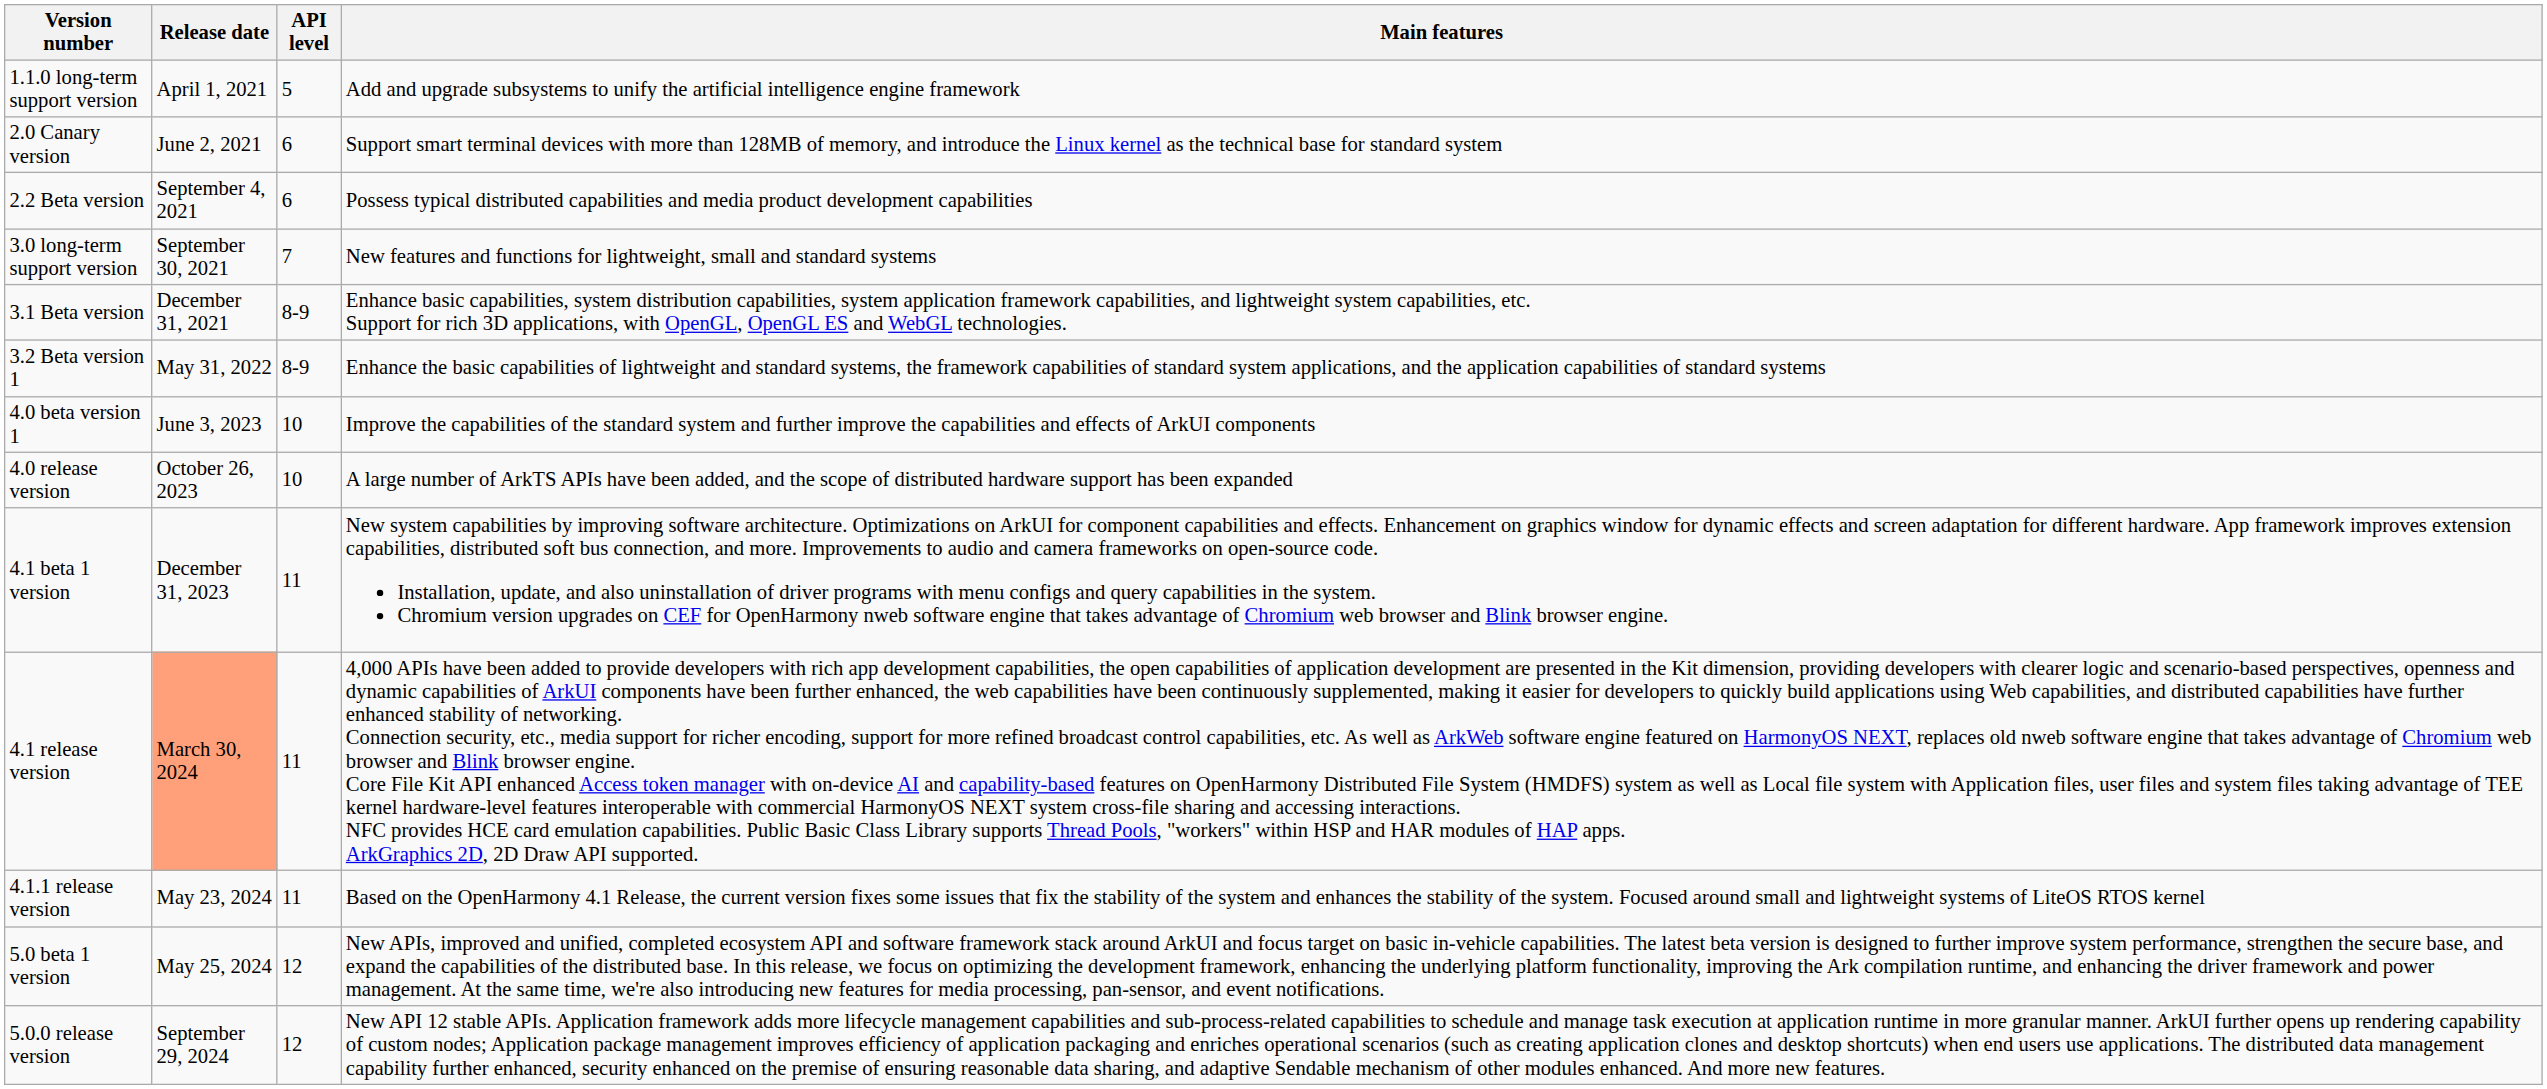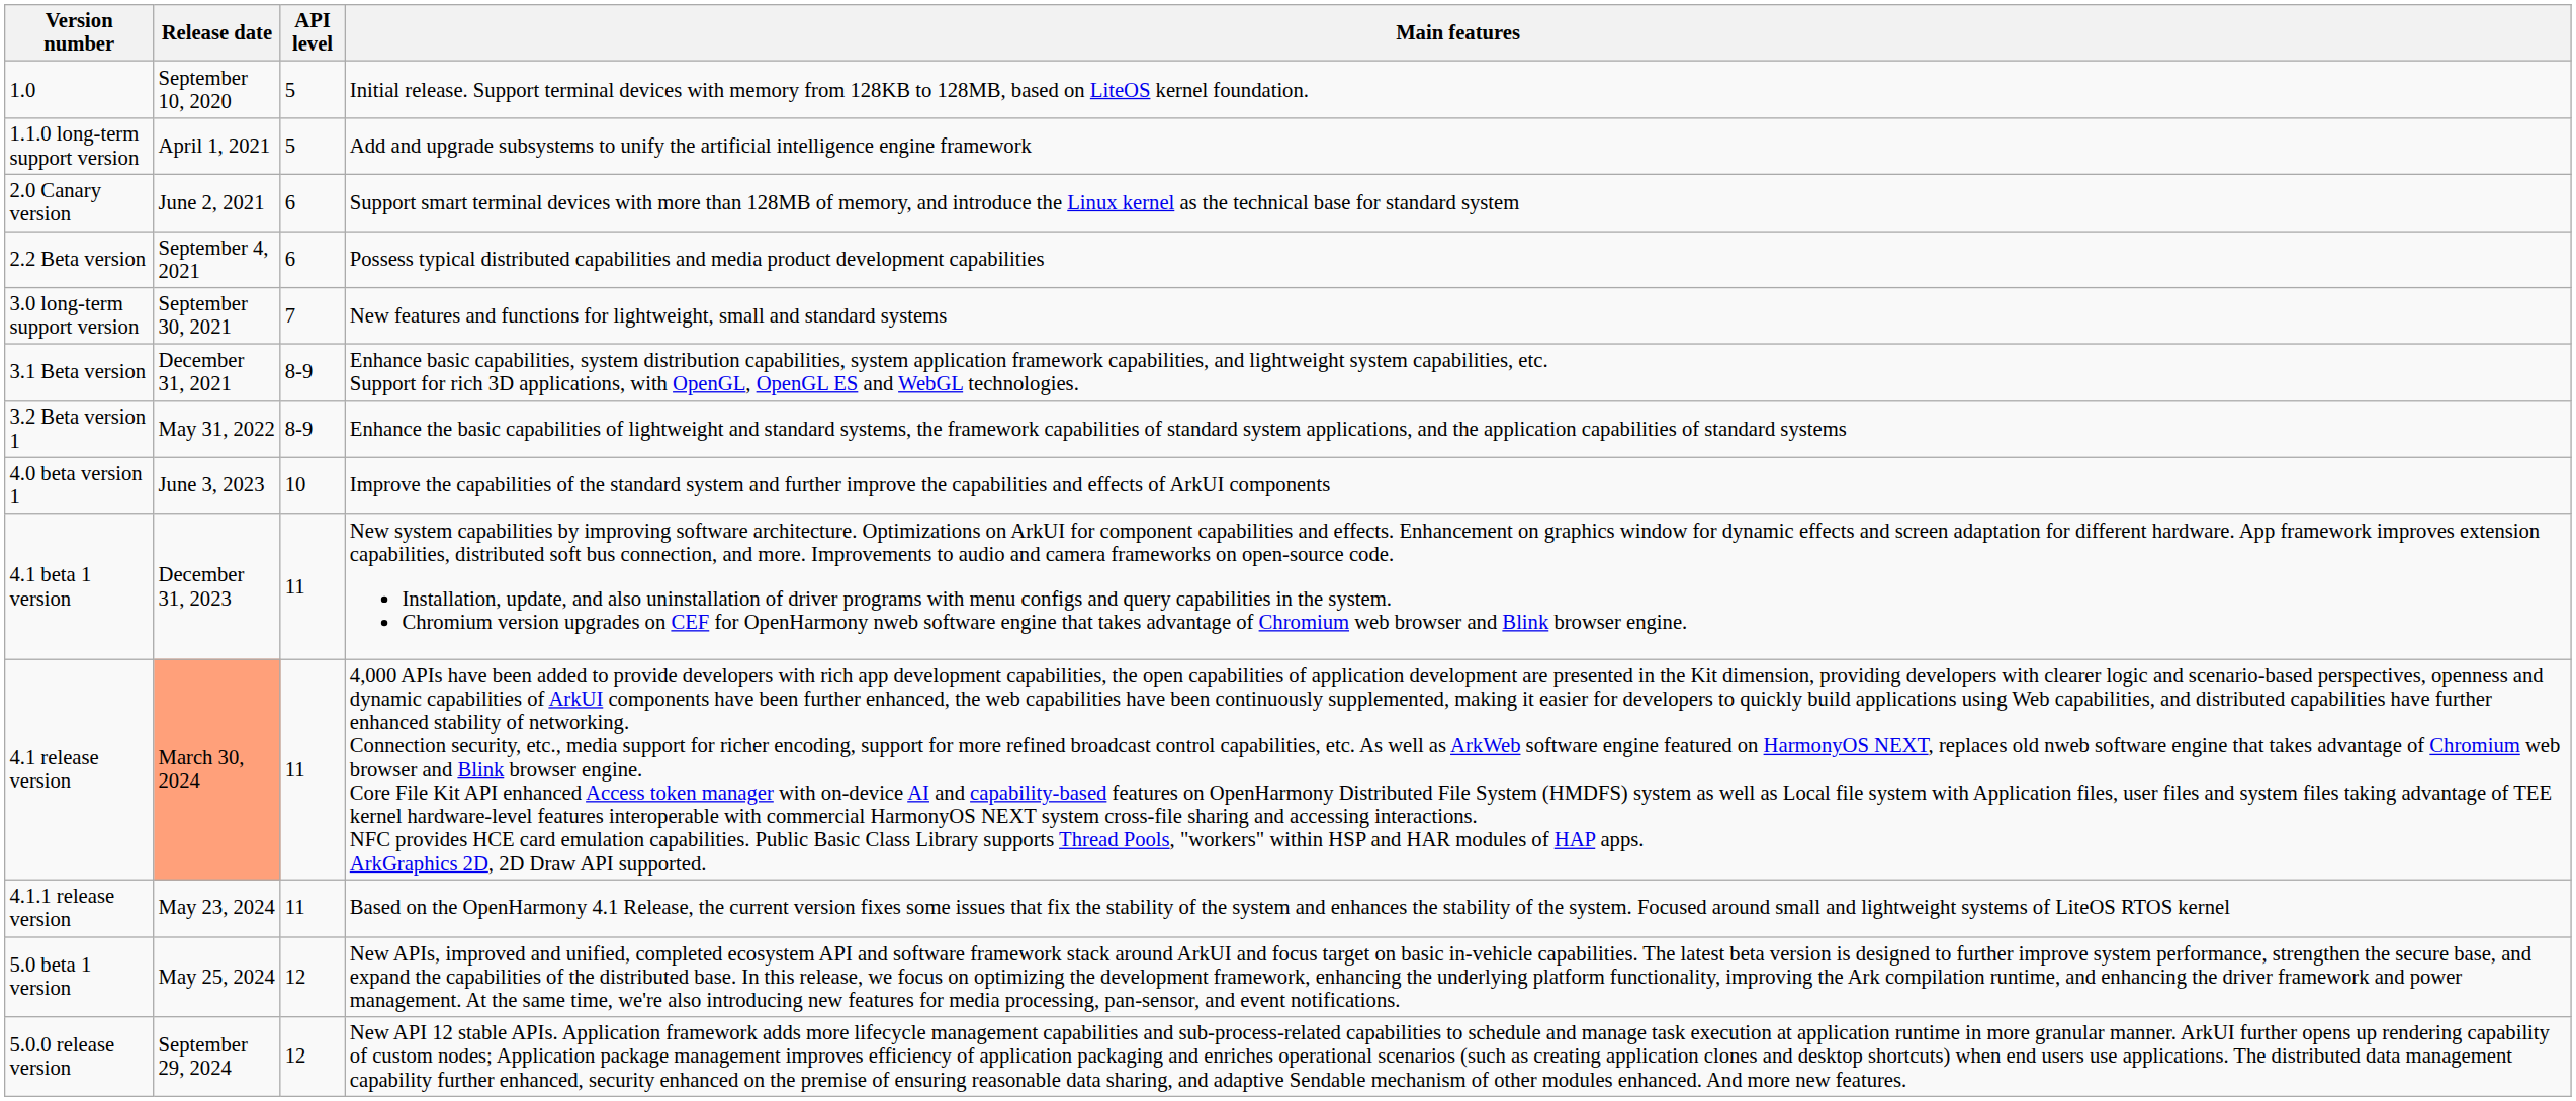 <table class="wikitable">
 <tr>
 <th>Version number</th>
 <th>Release date</th>
 <th>API level</th>
 <th>Main features</th>
+</tr>
+<tr>
+<td 1.0>1.0</td>
+<td>September 10, 2020</td>
+<td>5</td>
+<td>Initial release. Support terminal devices with memory from 128KB to 128MB, based on <a href='#'>LiteOS</a> kernel foundation.</td>
 </tr>
 <tr>
 <td 1.1.0 (LTS)>1.1.0 long-term support version</td>
 <td>April 1, 2021</td>
 <td>5</td>
 <td>Add and upgrade subsystems to unify the artificial intelligence engine framework</td>
 </tr>
 <tr>
 <td 2.0 (Canary)>2.0 Canary version</td>
 <td>June 2, 2021</td>
 <td>6</td>
 <td>Support smart terminal devices with more than 128MB of memory, and introduce the <a href='#'>Linux kernel</a> as the technical base for standard system</td>
 </tr>
 <tr>
 <td 2.2(Beta)>2.2 Beta version</td>
 <td>September 4, 2021</td>
 <td>6</td>
 <td>Possess typical distributed capabilities and media product development capabilities</td>
 </tr>
 <tr>
 <td 3.0 (LTS)>3.0 long-term support version</td>
 <td>September 30, 2021</td>
 <td>7</td>
 <td>New features and functions for lightweight, small and standard systems</td>
 </tr>
 <tr>
 <td 3.1 (Beta)>3.1 Beta version</td>
 <td>December 31, 2021</td>
 <td>8-9</td>
 <td>Enhance basic capabilities, system distribution capabilities, system application framework capabilities, and lightweight system capabilities, etc.<br>Support for rich 3D applications, with <a href='#'>OpenGL</a>, <a href='#'>OpenGL ES</a> and <a href='#'>WebGL</a> technologies.</td>
 </tr>
 <tr>
 <td>3.2 Beta version 1</td>
 <td>May 31, 2022</td>
 <td>8-9</td>
 <td>Enhance the basic capabilities of lightweight and standard systems, the framework capabilities of standard system applications, and the application capabilities of standard systems</td>
 </tr>
 <tr>
 <td>4.0 beta version 1</td>
 <td>June 3, 2023</td>
 <td>10</td>
 <td>Improve the capabilities of the standard system and further improve the capabilities and effects of ArkUI components</td>
 </tr>
 <tr>
-<td>4.0 release version</td>
-<td>October 26, 2023</td>
-<td>10</td>
-<td>A large number of ArkTS APIs have been added, and the scope of distributed hardware support has been expanded</td>
-</tr>
-<tr>
 <td>4.1 beta 1 version</td>
 <td>December 31, 2023</td>
 <td>11</td>
 <td>New system capabilities by improving software architecture. Optimizations on ArkUI for component capabilities and effects. Enhancement on graphics window for dynamic effects and screen adaptation for different hardware. App framework improves extension capabilities, distributed soft bus connection, and more. Improvements to audio and camera frameworks on open-source code.<br><ul><li>Installation, update, and also uninstallation of driver programs with menu configs and query capabilities in the system.</li><li>Chromium version upgrades on <a href='#'>CEF</a> for OpenHarmony nweb software engine that takes advantage of <a href='#'>Chromium</a> web browser and <a href='#'>Blink</a> browser engine.</li></ul></td>
 </tr>
 <tr>
 <td>4.1 release version</td>
 <td style="background: lightsalmon;">March 30, 2024</td>
 <td>11</td>
 <td>4,000 APIs have been added to provide developers with rich app development capabilities, the open capabilities of application development are presented in the Kit dimension, providing developers with clearer logic and scenario-based perspectives, openness and dynamic capabilities of <a href='#'>ArkUI</a> components have been further enhanced, the web capabilities have been continuously supplemented, making it easier for developers to quickly build applications using Web capabilities, and distributed capabilities have further enhanced stability of networking.<br>Connection security, etc., media support for richer encoding, support for more refined broadcast control capabilities, etc. As well as <a href='#'>ArkWeb</a> software engine featured on <a href='#'>HarmonyOS NEXT</a>, replaces old nweb software engine that takes advantage of <a href='#'>Chromium</a> web browser and <a href='#'>Blink</a> browser engine.<br>Core File Kit API enhanced <a href='#'>Access token manager</a> with on-device <a href='#'>AI</a> and <a href='#'>capability-based</a> features on OpenHarmony Distributed File System (HMDFS) system as well as Local file system with Application files, user files and system files taking advantage of TEE kernel hardware-level features interoperable with commercial HarmonyOS NEXT system cross-file sharing and accessing interactions.<br>NFC provides HCE card emulation capabilities. Public Basic Class Library supports <a href='#'>Thread Pools</a>, "workers" within HSP and HAR modules of <a href='#'>HAP</a> apps.<br><a href='#'>ArkGraphics 2D</a>, 2D Draw API supported.<br></td>
 </tr>
 <tr>
 <td>4.1.1 release version</td>
 <td>May 23, 2024</td>
 <td>11</td>
 <td>Based on the OpenHarmony 4.1 Release, the current version fixes some issues that fix the stability of the system and enhances the stability of the system. Focused around small and lightweight systems of LiteOS RTOS kernel</td>
 </tr>
 <tr>
 <td>5.0 beta 1 version</td>
 <td>May 25, 2024</td>
 <td>12</td>
 <td>New APIs, improved and unified, completed ecosystem API and software framework stack around ArkUI and focus target on basic in-vehicle capabilities. The latest beta version is designed to further improve system performance, strengthen the secure base, and expand the capabilities of the distributed base. In this release, we focus on optimizing the development framework, enhancing the underlying platform functionality, improving the Ark compilation runtime, and enhancing the driver framework and power management. At the same time, we're also introducing new features for media processing, pan-sensor, and event notifications.</td>
 </tr>
 <tr>
 <td>5.0.0 release version</td>
 <td>September 29, 2024</td>
 <td>12</td>
 <td>New API 12 stable APIs. Application framework adds more lifecycle management capabilities and sub-process-related capabilities to schedule and manage task execution at application runtime in more granular manner. ArkUI further opens up rendering capability of custom nodes; Application package management improves efficiency of application packaging and enriches operational scenarios (such as creating application clones and desktop shortcuts) when end users use applications. The distributed data management capability further enhanced, security enhanced on the premise of ensuring reasonable data sharing, and adaptive Sendable mechanism of other modules enhanced. And more new features.</td>
 </tr>
 </table>
